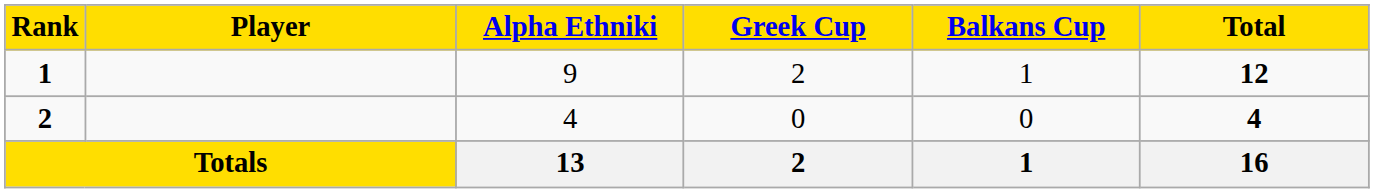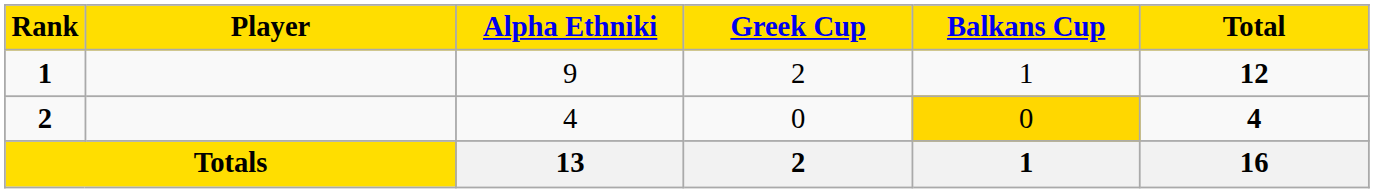 <table class="wikitable sortable" style="text-align:center">
 <tr>
 <th style="background:#FFDE00">Rank</th>
 <th width=200 style="background:#FFDE00">Player</th>
 <th width=120 style="background:#FFDE00"><a href='#'>Alpha Ethniki</a></th>
 <th width=120 style="background:#FFDE00"><a href='#'>Greek Cup</a></th>
 <th width=120 style="background:#FFDE00"><a href='#'>Balkans Cup</a></th>
 <th width=120 style="background:#FFDE00">Total</th>
 </tr>
 <tr>
 <td><strong>1</strong></td>
 <td align=left></td>
 <td>9</td>
 <td>2</td>
 <td>1</td>
 <td><strong>12</strong></td>
 </tr>
 <tr>
 <td><strong>2</strong></td>
 <td align=left></td>
 <td>4</td>
 <td>0</td>
-<td>0</td>
+<td style="background: gold;">0</td>
 <td><strong>4</strong></td>
 </tr>
 <tr class="sortbottom">
 <th colspan=2 style="background:#FFDE00"><strong>Totals</strong></th>
 <th><strong>13</strong></th>
 <th><strong> 2</strong></th>
 <th><strong> 1</strong></th>
 <th><strong>16</strong></th>
 </tr>
 </table>
